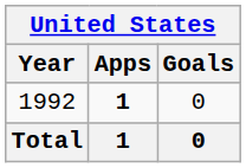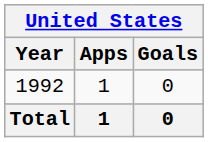 <table class="wikitable" style="text-align:center">
 <tr>
 <th colspan=3><a href='#'>United States</a></th>
 </tr>
 <tr>
 <th>Year</th>
 <th>Apps</th>
 <th>Goals</th>
 </tr>
 <tr>
 <td>1992</td>
-<td><strong>1</strong></td>
+<td>1</td>
 <td>0</td>
 </tr>
 <tr>
 <th>Total</th>
 <th>1</th>
 <th>0</th>
 </tr>
 </table>
